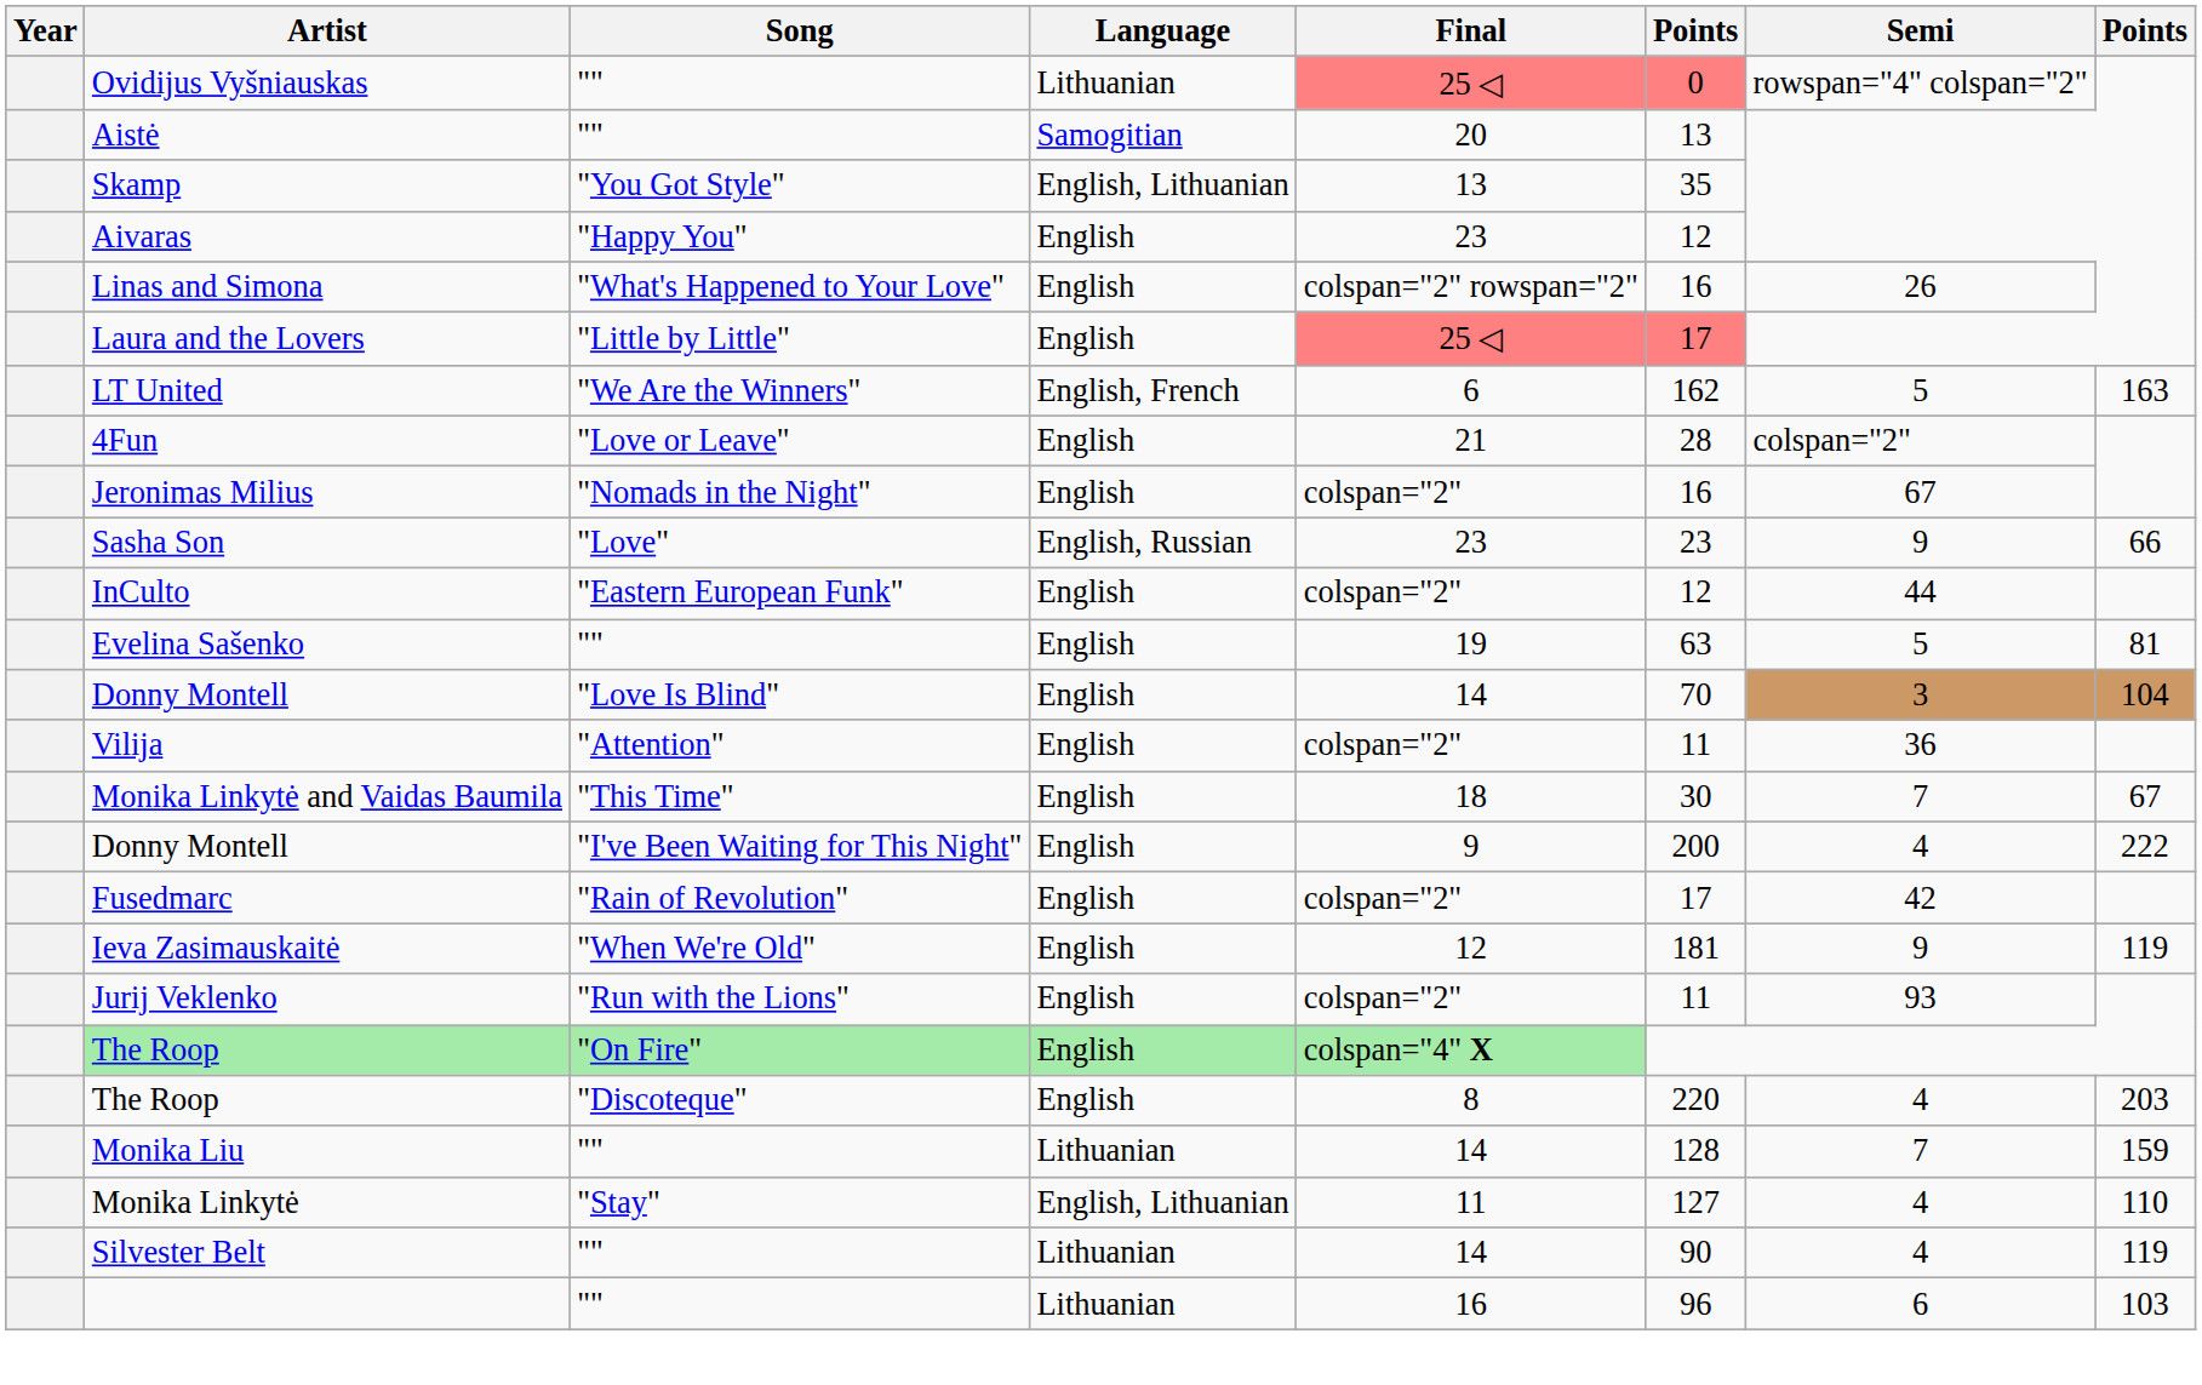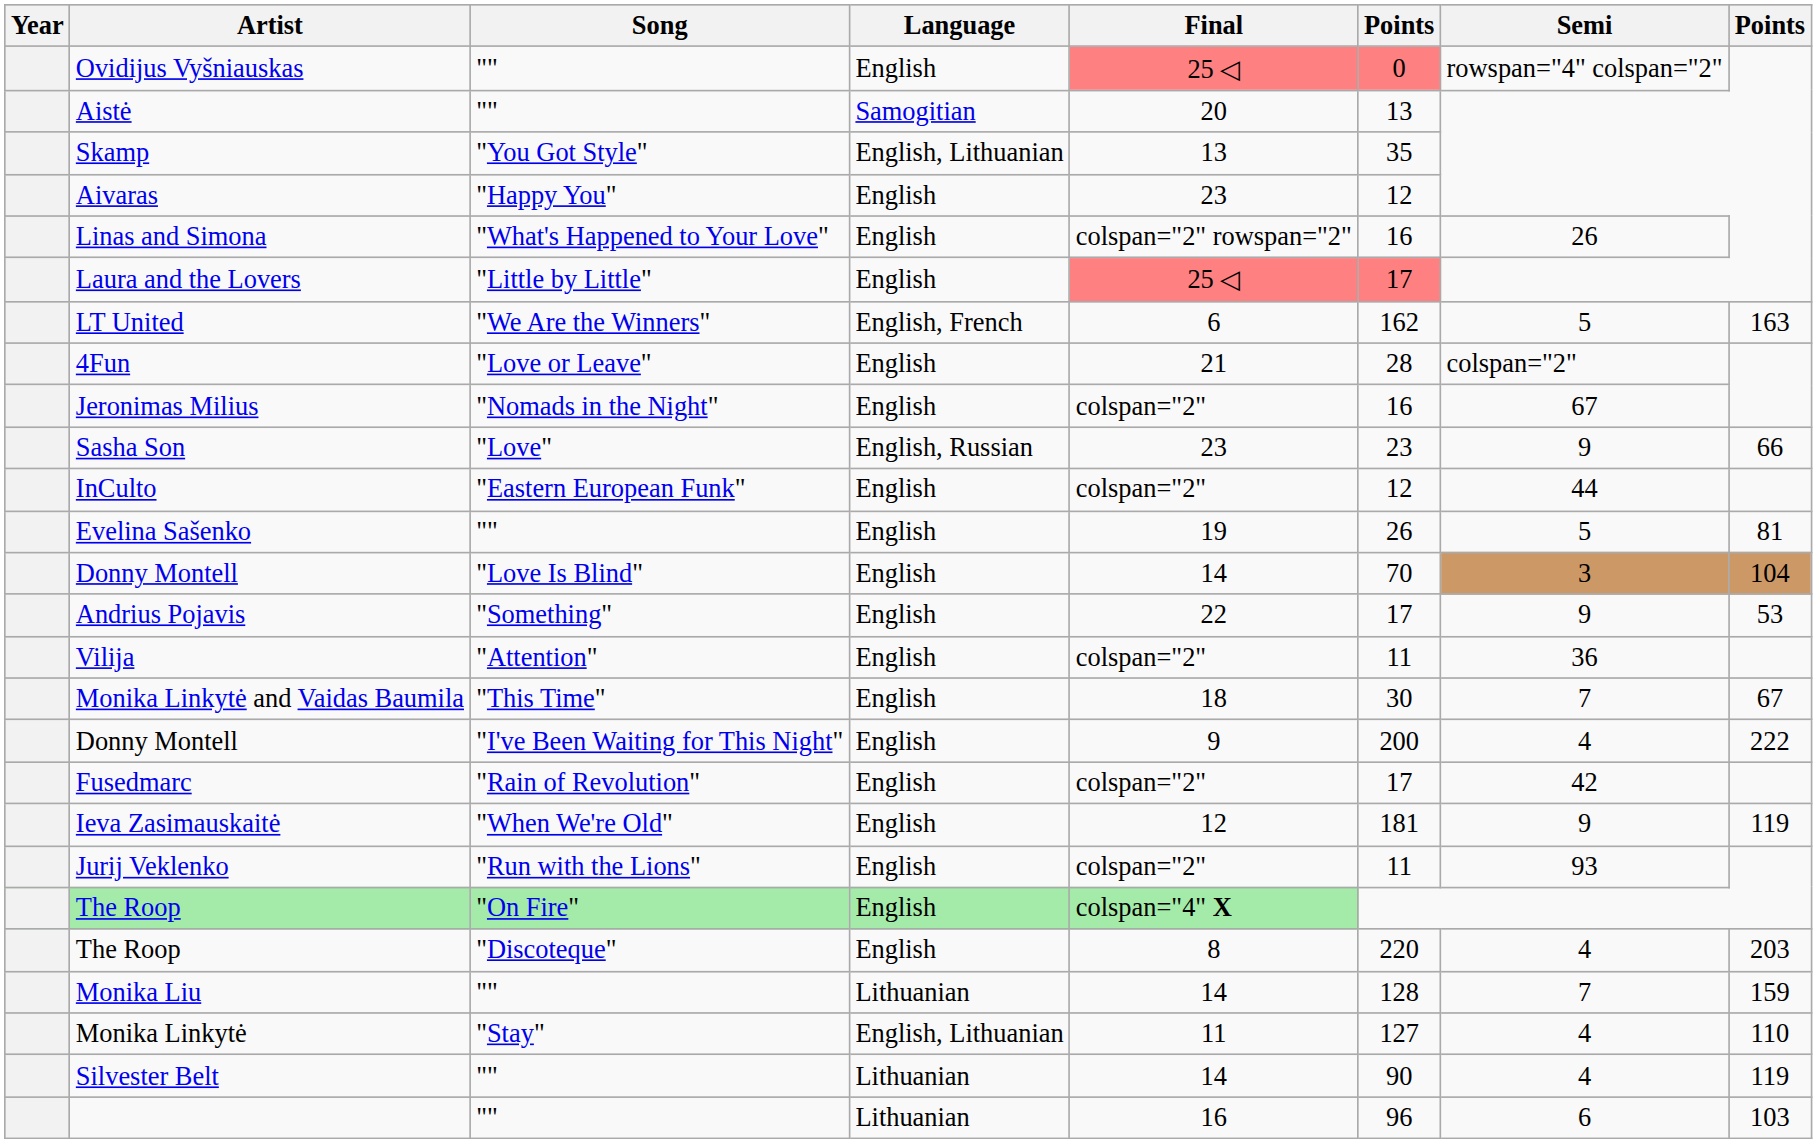 <table class="wikitable sortable plainrowheaders">
 <tr>
 <th scope="col">Year</th>
 <th scope="col">Artist</th>
 <th scope="col">Song</th>
 <th scope="col">Language</th>
 <th scope="col" data-sort-type="number">Final</th>
 <th scope="col" data-sort-type="number">Points</th>
 <th scope="col" data-sort-type="number">Semi</th>
 <th scope="col" data-sort-type="number">Points</th>
 </tr>
 <tr>
 <th scope="row" style="text-align:center;"></th>
 <td><a href='#'>Ovidijus Vyšniauskas</a></td>
 <td>""</td>
-<td>Lithuanian</td>
+<td>English</td>
 <td style="text-align:center; background-color:#FE8080;">25 ◁</td>
 <td style="text-align:center; background-color:#FE8080;">0</td>
 <td>rowspan="4" colspan="2" </td>
 </tr>
 <tr>
 <th scope="row" style="text-align:center;"></th>
 <td><a href='#'>Aistė</a></td>
 <td>""</td>
 <td><a href='#'>Samogitian</a></td>
 <td style="text-align:center;">20</td>
 <td style="text-align:center;">13</td>
 </tr>
 <tr>
 <th scope="row" style="text-align:center;"></th>
 <td><a href='#'>Skamp</a></td>
 <td>"<a href='#'>You Got Style</a>"</td>
 <td>English, Lithuanian</td>
 <td style="text-align:center;">13</td>
 <td style="text-align:center;">35</td>
 </tr>
 <tr>
 <th scope="row" style="text-align:center;"></th>
 <td><a href='#'>Aivaras</a></td>
 <td>"<a href='#'>Happy You</a>"</td>
 <td>English</td>
 <td style="text-align:center;">23</td>
 <td style="text-align:center;">12</td>
 </tr>
 <tr>
 <th scope="row" style="text-align:center;"></th>
 <td><a href='#'>Linas and Simona</a></td>
 <td>"<a href='#'>What's Happened to Your Love</a>"</td>
 <td>English</td>
 <td>colspan="2" rowspan="2" </td>
 <td style="text-align:center;">16</td>
 <td style="text-align:center;">26</td>
 </tr>
 <tr>
 <th scope="row" style="text-align:center;"></th>
 <td><a href='#'>Laura and the Lovers</a></td>
 <td>"<a href='#'>Little by Little</a>"</td>
 <td>English</td>
 <td style="text-align:center; background-color:#FE8080;">25 ◁</td>
 <td style="text-align:center; background-color:#FE8080;">17</td>
 </tr>
 <tr>
 <th scope="row" style="text-align:center;"></th>
 <td><a href='#'>LT United</a></td>
 <td>"<a href='#'>We Are the Winners</a>"</td>
 <td>English, French</td>
 <td style="text-align:center;">6</td>
 <td style="text-align:center;">162</td>
 <td style="text-align:center;">5</td>
 <td style="text-align:center;">163</td>
 </tr>
 <tr>
 <th scope="row" style="text-align:center;"></th>
 <td><a href='#'>4Fun</a></td>
 <td>"<a href='#'>Love or Leave</a>"</td>
 <td>English</td>
 <td style="text-align:center;">21</td>
 <td style="text-align:center;">28</td>
 <td>colspan="2" </td>
 </tr>
 <tr>
 <th scope="row" style="text-align:center;"></th>
 <td><a href='#'>Jeronimas Milius</a></td>
 <td>"<a href='#'>Nomads in the Night</a>"</td>
 <td>English</td>
 <td>colspan="2" </td>
 <td style="text-align:center;">16</td>
 <td style="text-align:center;">67</td>
 </tr>
 <tr>
 <th scope="row" style="text-align:center;"></th>
 <td><a href='#'>Sasha Son</a></td>
 <td>"<a href='#'>Love</a>"</td>
 <td>English, Russian</td>
 <td style="text-align:center;">23</td>
 <td style="text-align:center;">23</td>
 <td style="text-align:center;">9</td>
 <td style="text-align:center;">66</td>
 </tr>
 <tr>
 <th scope="row" style="text-align:center;"></th>
 <td><a href='#'>InCulto</a></td>
 <td>"<a href='#'>Eastern European Funk</a>"</td>
 <td>English</td>
 <td>colspan="2" </td>
 <td style="text-align:center;">12</td>
 <td style="text-align:center;">44</td>
 </tr>
 <tr>
 <th scope="row" style="text-align:center;"></th>
 <td><a href='#'>Evelina Sašenko</a></td>
 <td>""</td>
 <td>English</td>
 <td style="text-align:center;">19</td>
-<td style="text-align:center;">63</td>
+<td style="text-align:center;">26</td>
 <td style="text-align:center;">5</td>
 <td style="text-align:center;">81</td>
 </tr>
 <tr>
 <th scope="row" style="text-align:center;"></th>
 <td><a href='#'>Donny Montell</a></td>
 <td>"<a href='#'>Love Is Blind</a>"</td>
 <td>English</td>
 <td style="text-align:center;">14</td>
 <td style="text-align:center;">70</td>
 <td style="text-align:center; background-color:#C96;">3</td>
 <td style="text-align:center; background-color:#C96;">104</td>
+</tr>
+<tr>
+<th scope="row" style="text-align:center;"></th>
+<td><a href='#'>Andrius Pojavis</a></td>
+<td>"<a href='#'>Something</a>"</td>
+<td>English</td>
+<td style="text-align:center;">22</td>
+<td style="text-align:center;">17</td>
+<td style="text-align:center;">9</td>
+<td style="text-align:center;">53</td>
 </tr>
 <tr>
 <th scope="row" style="text-align:center;"></th>
 <td><a href='#'>Vilija</a></td>
 <td>"<a href='#'>Attention</a>"</td>
 <td>English</td>
 <td>colspan="2" </td>
 <td style="text-align:center;">11</td>
 <td style="text-align:center;">36</td>
 </tr>
 <tr>
 <th scope="row" style="text-align:center;"></th>
 <td><a href='#'>Monika Linkytė</a> and <a href='#'>Vaidas Baumila</a></td>
 <td>"<a href='#'>This Time</a>"</td>
 <td>English</td>
 <td style="text-align:center;">18</td>
 <td style="text-align:center;">30</td>
 <td style="text-align:center;">7</td>
 <td style="text-align:center;">67</td>
 </tr>
 <tr>
 <th scope="row" style="text-align:center;"></th>
 <td>Donny Montell</td>
 <td>"<a href='#'>I've Been Waiting for This Night</a>"</td>
 <td>English</td>
 <td style="text-align:center;">9</td>
 <td style="text-align:center;">200</td>
 <td style="text-align:center;">4</td>
 <td style="text-align:center;">222</td>
 </tr>
 <tr>
 <th scope="row" style="text-align:center;"></th>
 <td><a href='#'>Fusedmarc</a></td>
 <td>"<a href='#'>Rain of Revolution</a>"</td>
 <td>English</td>
 <td>colspan="2" </td>
 <td style="text-align:center;">17</td>
 <td style="text-align:center;">42</td>
 </tr>
 <tr>
 <th scope="row" style="text-align:center;"></th>
 <td><a href='#'>Ieva Zasimauskaitė</a></td>
 <td>"<a href='#'>When We're Old</a>"</td>
 <td>English</td>
 <td style="text-align:center;">12</td>
 <td style="text-align:center;">181</td>
 <td style="text-align:center;">9</td>
 <td style="text-align:center;">119</td>
 </tr>
 <tr>
 <th scope="row" style="text-align:center;"></th>
 <td><a href='#'>Jurij Veklenko</a></td>
 <td>"<a href='#'>Run with the Lions</a>"</td>
 <td>English</td>
 <td>colspan="2" </td>
 <td style="text-align:center;">11</td>
 <td style="text-align:center;">93</td>
 </tr>
 <tr style="background-color:#A4EAA9;">
 <th scope="row" style="text-align:center;"></th>
 <td><a href='#'>The Roop</a></td>
 <td>"<a href='#'>On Fire</a>"</td>
 <td>English</td>
 <td>colspan="4"  <strong>X</strong></td>
 </tr>
 <tr>
 <th scope="row" style="text-align:center;"></th>
 <td>The Roop</td>
 <td>"<a href='#'>Discoteque</a>"</td>
 <td>English</td>
 <td style="text-align:center;">8</td>
 <td style="text-align:center;">220</td>
 <td style="text-align:center;">4</td>
 <td style="text-align:center;">203</td>
 </tr>
 <tr>
 <th scope="row" style="text-align:center;"></th>
 <td><a href='#'>Monika Liu</a></td>
 <td>""</td>
 <td>Lithuanian</td>
 <td style="text-align:center;">14</td>
 <td style="text-align:center;">128</td>
 <td style="text-align:center;">7</td>
 <td style="text-align:center;">159</td>
 </tr>
 <tr>
 <th scope="row" style="text-align:center;"></th>
 <td>Monika Linkytė</td>
 <td>"<a href='#'>Stay</a>"</td>
 <td>English, Lithuanian</td>
 <td style="text-align:center;">11</td>
 <td style="text-align:center;">127</td>
 <td style="text-align:center;">4</td>
 <td style="text-align:center;">110</td>
 </tr>
 <tr>
 <th scope="row" style="text-align:center;"></th>
 <td><a href='#'>Silvester Belt</a></td>
 <td>""</td>
 <td>Lithuanian</td>
 <td style="text-align:center;">14</td>
 <td style="text-align:center;">90</td>
 <td style="text-align:center;">4</td>
 <td style="text-align:center;">119</td>
 </tr>
 <tr>
 <th scope="row" style="text-align:center;"></th>
 <td></td>
 <td>""</td>
 <td>Lithuanian</td>
 <td style="text-align:center;">16</td>
 <td style="text-align:center;">96</td>
 <td style="text-align:center;">6</td>
 <td style="text-align:center;">103</td>
 </tr>
 </table>
